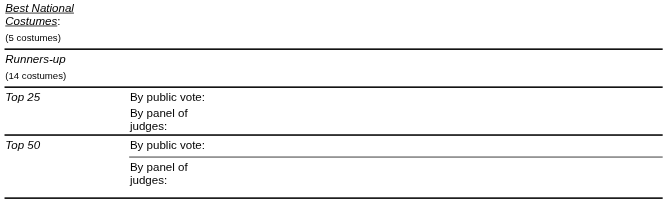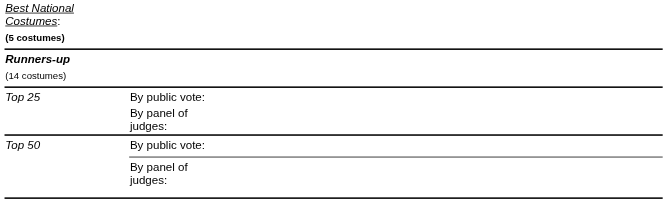 <table style="font-size: 95%;">
 <tr>
 <td width=160px align=left><u><em>Best National Costumes</em></u>:</td>
 <td></td>
 <td colspan="3"></td>
 <td colspan="3"></td>
 </tr>
 <tr>
-<td><small>(5 costumes)</small></td>
+<td><strong><small>(5 costumes)</small></strong></td>
 <td></td>
 <td colspan="3"></td>
 <td colspan="3"></td>
 </tr>
 <tr>
 <td></td>
 <td></td>
 <td colspan="3"></td>
 </tr>
 <tr>
 <td colspan="99" style="background:black"></td>
 </tr>
 <tr>
-<td><em>Runners-up</em></td>
+<td><strong><em>Runners-up</em></strong></td>
 <td width=120px></td>
 <td width=140px></td>
 <td width=140px></td>
 <td width=140px></td>
 <td width=140px></td>
 <td></td>
 </tr>
 <tr>
 <td><small>(14 costumes)</small></td>
 <td></td>
 <td></td>
 <td></td>
 <td></td>
 <td></td>
 <td></td>
 </tr>
 <tr>
 <td></td>
 <td></td>
 <td></td>
 <td></td>
 <td></td>
 <td></td>
 </tr>
 <tr>
 <td colspan="99" style="background:black"></td>
 </tr>
 <tr>
 <td><em>Top 25</em></td>
 <td>By public vote:</td>
 <td></td>
 <td></td>
 <td></td>
 <td></td>
 <td></td>
 </tr>
 <tr>
 <td></td>
 <td>By panel of judges:</td>
 <td></td>
 </tr>
 <tr>
 <td colspan="99" style="background:black"></td>
 </tr>
 <tr>
 <td><em>Top 50</em></td>
 <td>By public vote:</td>
 <td></td>
 <td></td>
 <td></td>
 <td></td>
 <td></td>
 </tr>
 <tr>
 <td></td>
 <td></td>
 <td></td>
 <td></td>
 <td></td>
 <td></td>
 </tr>
 <tr>
 <td></td>
 <td colspan="6" style="background:grey"></td>
 </tr>
 <tr>
 <td></td>
 <td>By panel of judges:</td>
 <td></td>
 <td></td>
 <td></td>
 <td></td>
 <td></td>
 </tr>
 <tr>
 <td></td>
 <td></td>
 <td></td>
 <td></td>
 <td></td>
 <td></td>
 <td></td>
 </tr>
 <tr>
 <td></td>
 <td></td>
 <td></td>
 <td></td>
 <td></td>
 <td></td>
 <td></td>
 </tr>
 <tr>
 <td></td>
 <td></td>
 <td></td>
 </tr>
 <tr>
 <td colspan="99" style="background:black"></td>
 </tr>
 </table>
